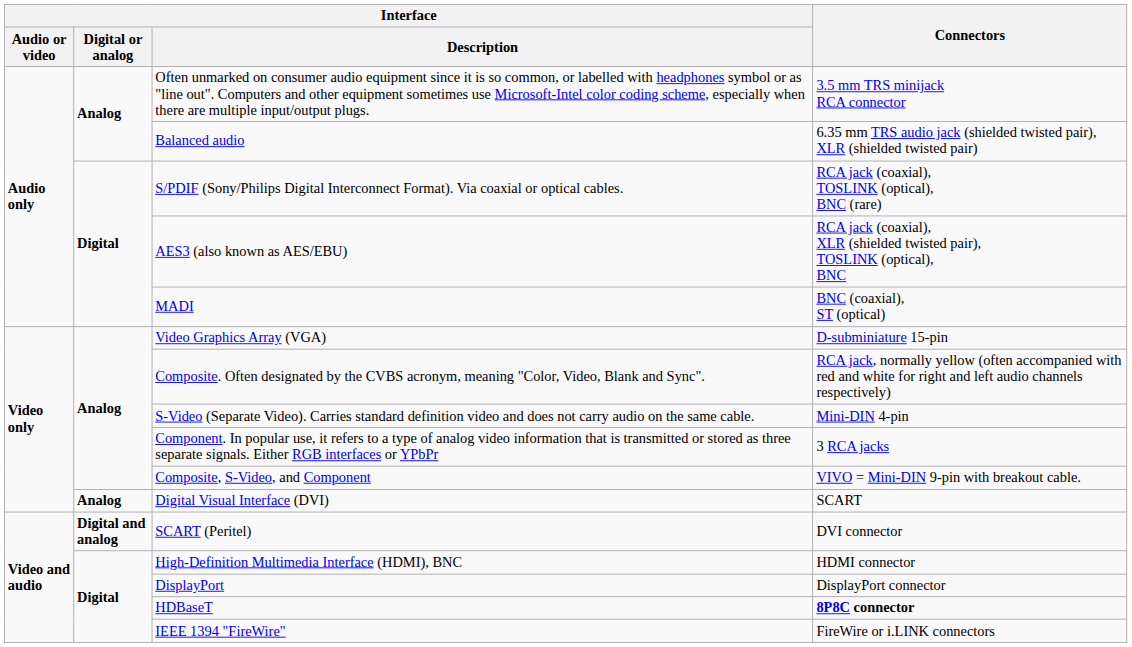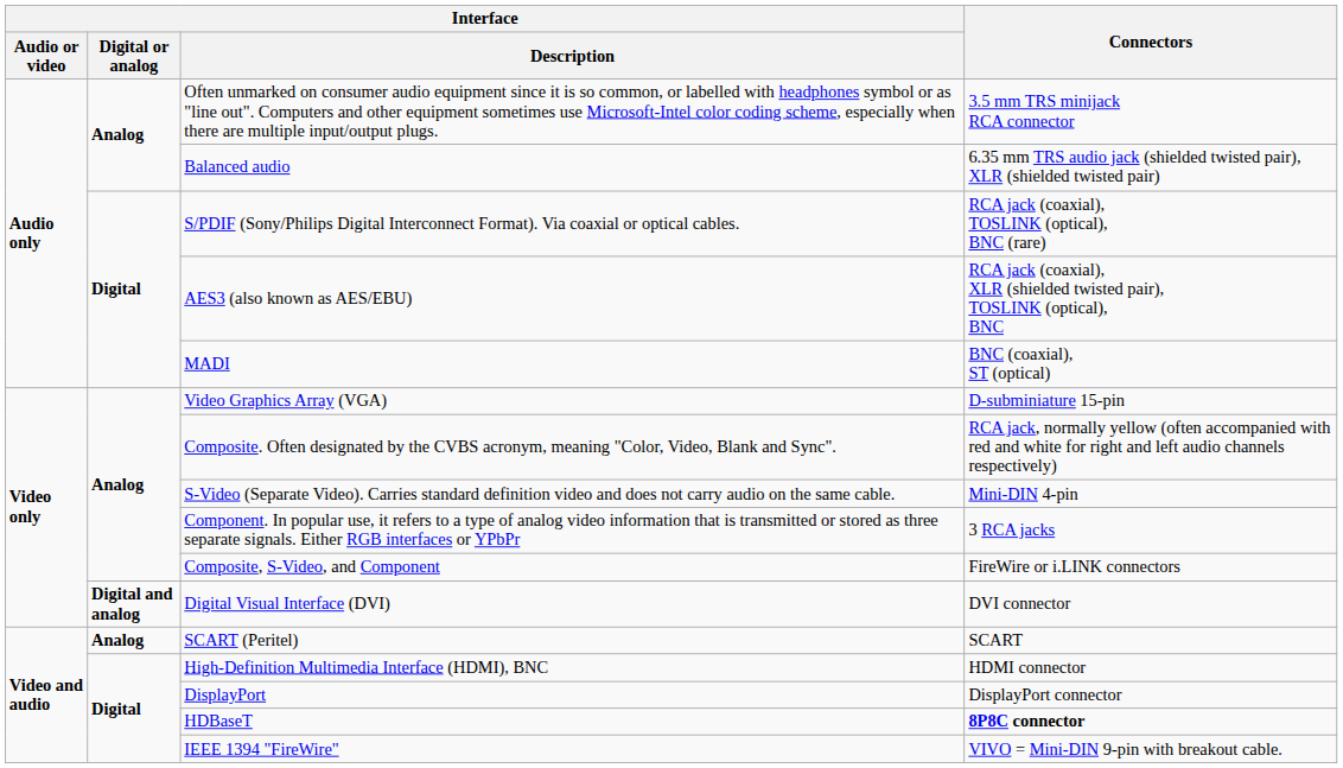 <table class="wikitable">
 <tr>
 <th colspan=3>Interface</th>
 <th rowspan=2>Connectors</th>
 </tr>
 <tr>
 <th>Audio or video</th>
 <th>Digital or analog</th>
 <th>Description</th>
 </tr>
 <tr>
 <td rowspan=5><strong>Audio only</strong></td>
 <td rowspan=2><strong>Analog</strong></td>
 <td>Often unmarked on consumer audio equipment since it is so common, or labelled with <a href='#'>headphones</a> symbol or as "line out".  Computers and other equipment sometimes use <a href='#'>Microsoft-Intel color coding scheme</a>, especially when there are multiple input/output plugs.</td>
 <td><a href='#'>3.5 mm TRS minijack</a><br><a href='#'>RCA connector</a></td>
 </tr>
 <tr>
 <td><a href='#'>Balanced audio</a></td>
 <td>6.35 mm <a href='#'>TRS audio jack</a> (shielded twisted pair),<br><a href='#'>XLR</a> (shielded twisted pair)</td>
 </tr>
 <tr>
 <td rowspan=3><strong>Digital</strong></td>
 <td><a href='#'>S/PDIF</a> (Sony/Philips Digital Interconnect Format). Via coaxial or optical cables.</td>
 <td><a href='#'>RCA jack</a> (coaxial),<br><a href='#'>TOSLINK</a> (optical),<br><a href='#'>BNC</a> (rare)</td>
 </tr>
 <tr>
 <td><a href='#'>AES3</a> (also known as AES/EBU)</td>
 <td><a href='#'>RCA jack</a> (coaxial),<br><a href='#'>XLR</a> (shielded twisted pair),<br><a href='#'>TOSLINK</a> (optical),<br><a href='#'>BNC</a></td>
 </tr>
 <tr>
 <td><a href='#'>MADI</a></td>
 <td><a href='#'>BNC</a> (coaxial),<br><a href='#'>ST</a> (optical)</td>
 </tr>
 <tr>
 <td rowspan=6><strong>Video only</strong></td>
 <td rowspan=5><strong>Analog</strong></td>
 <td><a href='#'>Video Graphics Array</a> (VGA)</td>
 <td><a href='#'>D-subminiature</a> 15-pin</td>
 </tr>
 <tr>
 <td><a href='#'>Composite</a>. Often designated by the CVBS acronym, meaning "Color, Video, Blank and Sync".</td>
 <td><a href='#'>RCA jack</a>, normally yellow (often accompanied with red and white for right and left audio channels respectively)</td>
 </tr>
 <tr>
 <td><a href='#'>S-Video</a> (Separate Video). Carries standard definition video and does not carry audio on the same cable.</td>
 <td><a href='#'>Mini-DIN</a> 4-pin</td>
 </tr>
 <tr>
 <td><a href='#'>Component</a>. In popular use, it refers to a type of analog video information that is transmitted or stored as three separate signals. Either <a href='#'>RGB interfaces</a> or <a href='#'>YPbPr</a></td>
 <td>3 <a href='#'>RCA jacks</a></td>
 </tr>
 <tr>
 <td><a href='#'>Composite</a>, <a href='#'>S-Video</a>, and <a href='#'>Component</a></td>
-<td><a href='#'>VIVO</a> = <a href='#'>Mini-DIN</a> 9-pin with breakout cable.</td>
+<td>FireWire or i.LINK connectors</td>
 </tr>
 <tr>
-<td rowspan=1><strong>Analog</strong></td>
+<td><strong>Digital and analog</strong></td>
 <td><a href='#'>Digital Visual Interface</a> (DVI)</td>
-<td>SCART</td>
+<td>DVI connector</td>
 </tr>
 <tr>
 <td rowspan=5><strong>Video and audio</strong></td>
-<td><strong>Digital and analog</strong></td>
+<td rowspan=1><strong>Analog</strong></td>
 <td><a href='#'>SCART</a> (Peritel)</td>
-<td>DVI connector</td>
+<td>SCART</td>
 </tr>
 <tr>
 <td rowspan=4><strong>Digital</strong></td>
 <td><a href='#'>High-Definition Multimedia Interface</a> (HDMI), BNC</td>
 <td>HDMI connector</td>
 </tr>
 <tr>
 <td><a href='#'>DisplayPort</a></td>
 <td>DisplayPort connector</td>
 </tr>
 <tr>
 <td><a href='#'>HDBaseT</a></td>
 <td><strong><a href='#'>8P8C</a> connector</strong></td>
 </tr>
 <tr>
 <td><a href='#'>IEEE 1394 "FireWire"</a></td>
-<td>FireWire or i.LINK connectors</td>
+<td><a href='#'>VIVO</a> = <a href='#'>Mini-DIN</a> 9-pin with breakout cable.</td>
 </tr>
 </table>
